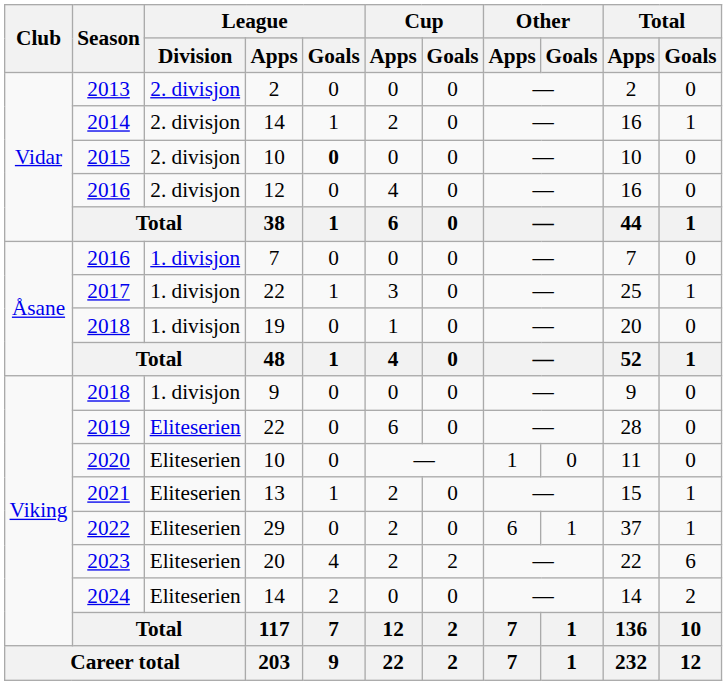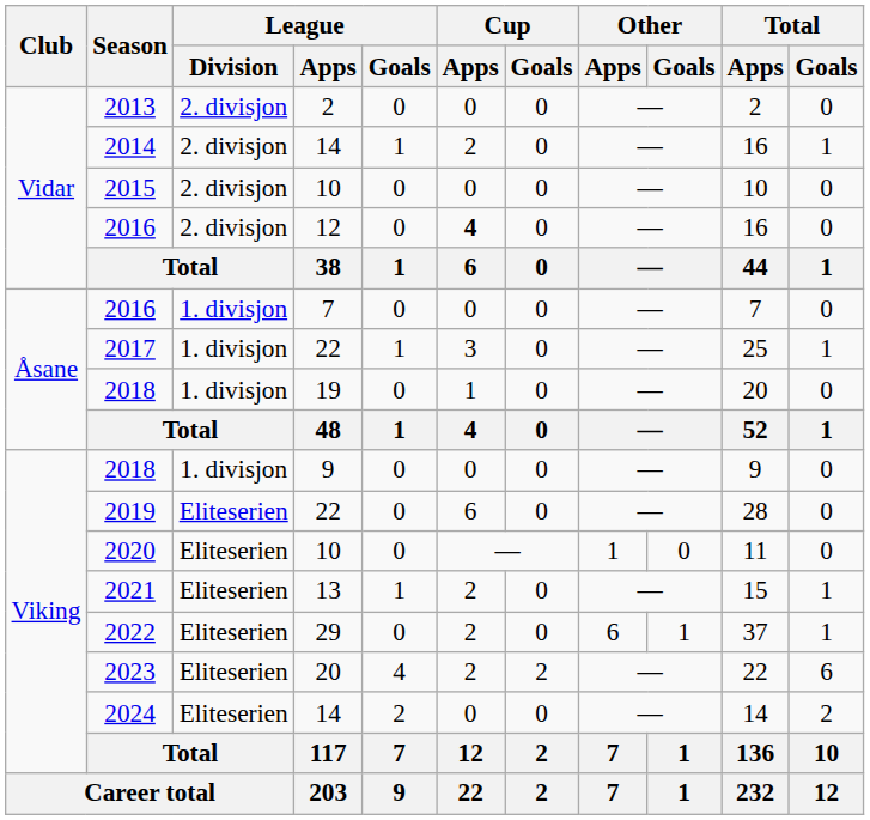 <table class="wikitable" style="text-align: center;">
 <tr>
 <th rowspan="2">Club</th>
 <th rowspan="2">Season</th>
 <th colspan="3">League</th>
 <th colspan="2">Cup</th>
 <th colspan="2">Other</th>
 <th colspan="2">Total</th>
 </tr>
 <tr>
 <th>Division</th>
 <th>Apps</th>
 <th>Goals</th>
 <th>Apps</th>
 <th>Goals</th>
 <th>Apps</th>
 <th>Goals</th>
 <th>Apps</th>
 <th>Goals</th>
 </tr>
 <tr>
 <td rowspan="5"><a href='#'>Vidar</a></td>
 <td><a href='#'>2013</a></td>
 <td><a href='#'>2. divisjon</a></td>
 <td>2</td>
 <td>0</td>
 <td>0</td>
 <td>0</td>
 <td colspan="2">—</td>
 <td>2</td>
 <td>0</td>
 </tr>
 <tr>
 <td><a href='#'>2014</a></td>
 <td>2. divisjon</td>
 <td>14</td>
 <td>1</td>
 <td>2</td>
 <td>0</td>
 <td colspan="2">—</td>
 <td>16</td>
 <td>1</td>
 </tr>
 <tr>
 <td><a href='#'>2015</a></td>
 <td>2. divisjon</td>
 <td>10</td>
-<td><strong>0</strong></td>
+<td>0</td>
 <td>0</td>
 <td>0</td>
 <td colspan="2">—</td>
 <td>10</td>
 <td>0</td>
 </tr>
 <tr>
 <td><a href='#'>2016</a></td>
 <td>2. divisjon</td>
 <td>12</td>
 <td>0</td>
-<td>4</td>
+<td><strong>4</strong></td>
 <td>0</td>
 <td colspan="2">—</td>
 <td>16</td>
 <td>0</td>
 </tr>
 <tr>
 <th colspan="2">Total</th>
 <th>38</th>
 <th>1</th>
 <th>6</th>
 <th>0</th>
 <th colspan="2">—</th>
 <th>44</th>
 <th>1</th>
 </tr>
 <tr>
 <td rowspan="4"><a href='#'>Åsane</a></td>
 <td><a href='#'>2016</a></td>
 <td><a href='#'>1. divisjon</a></td>
 <td>7</td>
 <td>0</td>
 <td>0</td>
 <td>0</td>
 <td colspan="2">—</td>
 <td>7</td>
 <td>0</td>
 </tr>
 <tr>
 <td><a href='#'>2017</a></td>
 <td>1. divisjon</td>
 <td>22</td>
 <td>1</td>
 <td>3</td>
 <td>0</td>
 <td colspan="2">—</td>
 <td>25</td>
 <td>1</td>
 </tr>
 <tr>
 <td><a href='#'>2018</a></td>
 <td>1. divisjon</td>
 <td>19</td>
 <td>0</td>
 <td>1</td>
 <td>0</td>
 <td colspan="2">—</td>
 <td>20</td>
 <td>0</td>
 </tr>
 <tr>
 <th colspan="2">Total</th>
 <th>48</th>
 <th>1</th>
 <th>4</th>
 <th>0</th>
 <th colspan="2">—</th>
 <th>52</th>
 <th>1</th>
 </tr>
 <tr>
 <td rowspan="8"><a href='#'>Viking</a></td>
 <td><a href='#'>2018</a></td>
 <td>1. divisjon</td>
 <td>9</td>
 <td>0</td>
 <td>0</td>
 <td>0</td>
 <td colspan="2">—</td>
 <td>9</td>
 <td>0</td>
 </tr>
 <tr>
 <td><a href='#'>2019</a></td>
 <td><a href='#'>Eliteserien</a></td>
 <td>22</td>
 <td>0</td>
 <td>6</td>
 <td>0</td>
 <td colspan="2">—</td>
 <td>28</td>
 <td>0</td>
 </tr>
 <tr>
 <td><a href='#'>2020</a></td>
 <td>Eliteserien</td>
 <td>10</td>
 <td>0</td>
 <td colspan="2">—</td>
 <td>1</td>
 <td>0</td>
 <td>11</td>
 <td>0</td>
 </tr>
 <tr>
 <td><a href='#'>2021</a></td>
 <td>Eliteserien</td>
 <td>13</td>
 <td>1</td>
 <td>2</td>
 <td>0</td>
 <td colspan="2">—</td>
 <td>15</td>
 <td>1</td>
 </tr>
 <tr>
 <td><a href='#'>2022</a></td>
 <td>Eliteserien</td>
 <td>29</td>
 <td>0</td>
 <td>2</td>
 <td>0</td>
 <td>6</td>
 <td>1</td>
 <td>37</td>
 <td>1</td>
 </tr>
 <tr>
 <td><a href='#'>2023</a></td>
 <td>Eliteserien</td>
 <td>20</td>
 <td>4</td>
 <td>2</td>
 <td>2</td>
 <td colspan="2">—</td>
 <td>22</td>
 <td>6</td>
 </tr>
 <tr>
 <td><a href='#'>2024</a></td>
 <td>Eliteserien</td>
 <td>14</td>
 <td>2</td>
 <td>0</td>
 <td>0</td>
 <td colspan="2">—</td>
 <td>14</td>
 <td>2</td>
 </tr>
 <tr>
 <th colspan="2">Total</th>
 <th>117</th>
 <th>7</th>
 <th>12</th>
 <th>2</th>
 <th>7</th>
 <th>1</th>
 <th>136</th>
 <th>10</th>
 </tr>
 <tr>
 <th colspan="3">Career total</th>
 <th>203</th>
 <th>9</th>
 <th>22</th>
 <th>2</th>
 <th>7</th>
 <th>1</th>
 <th>232</th>
 <th>12</th>
 </tr>
 </table>
